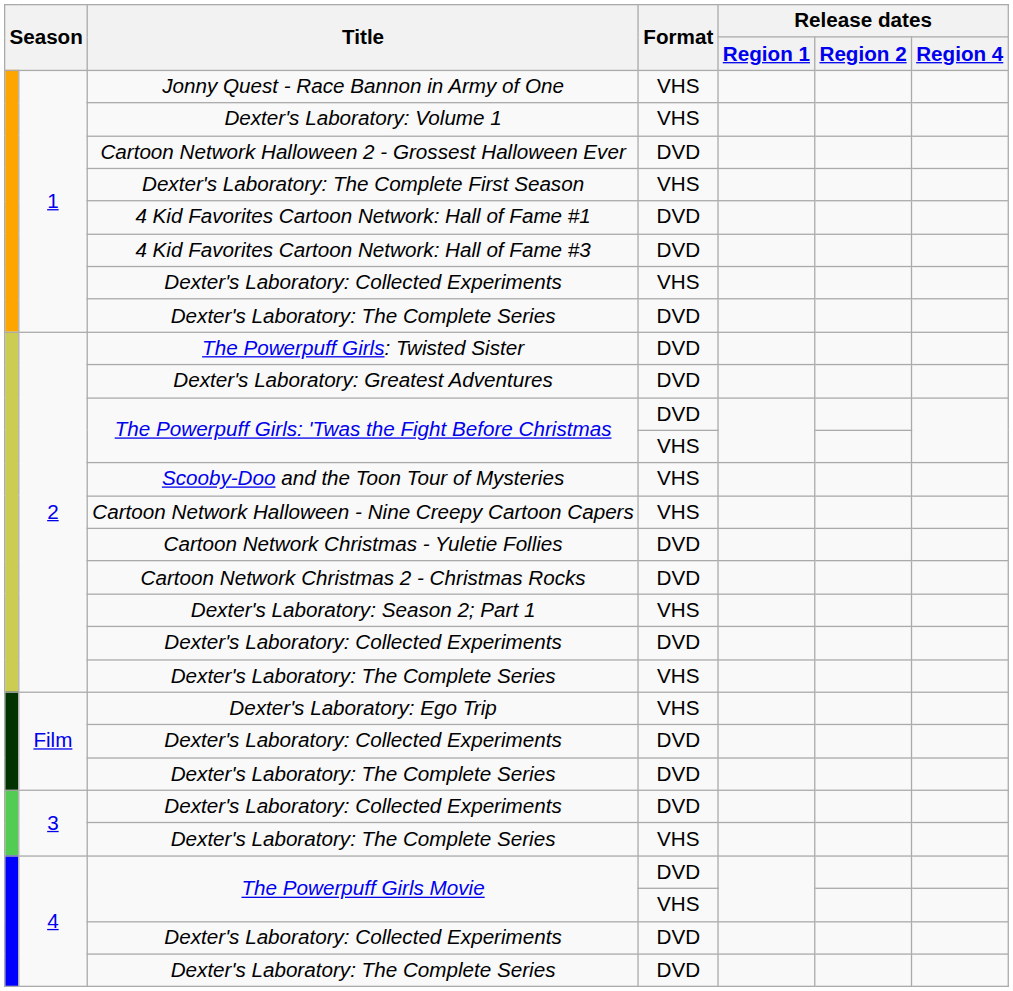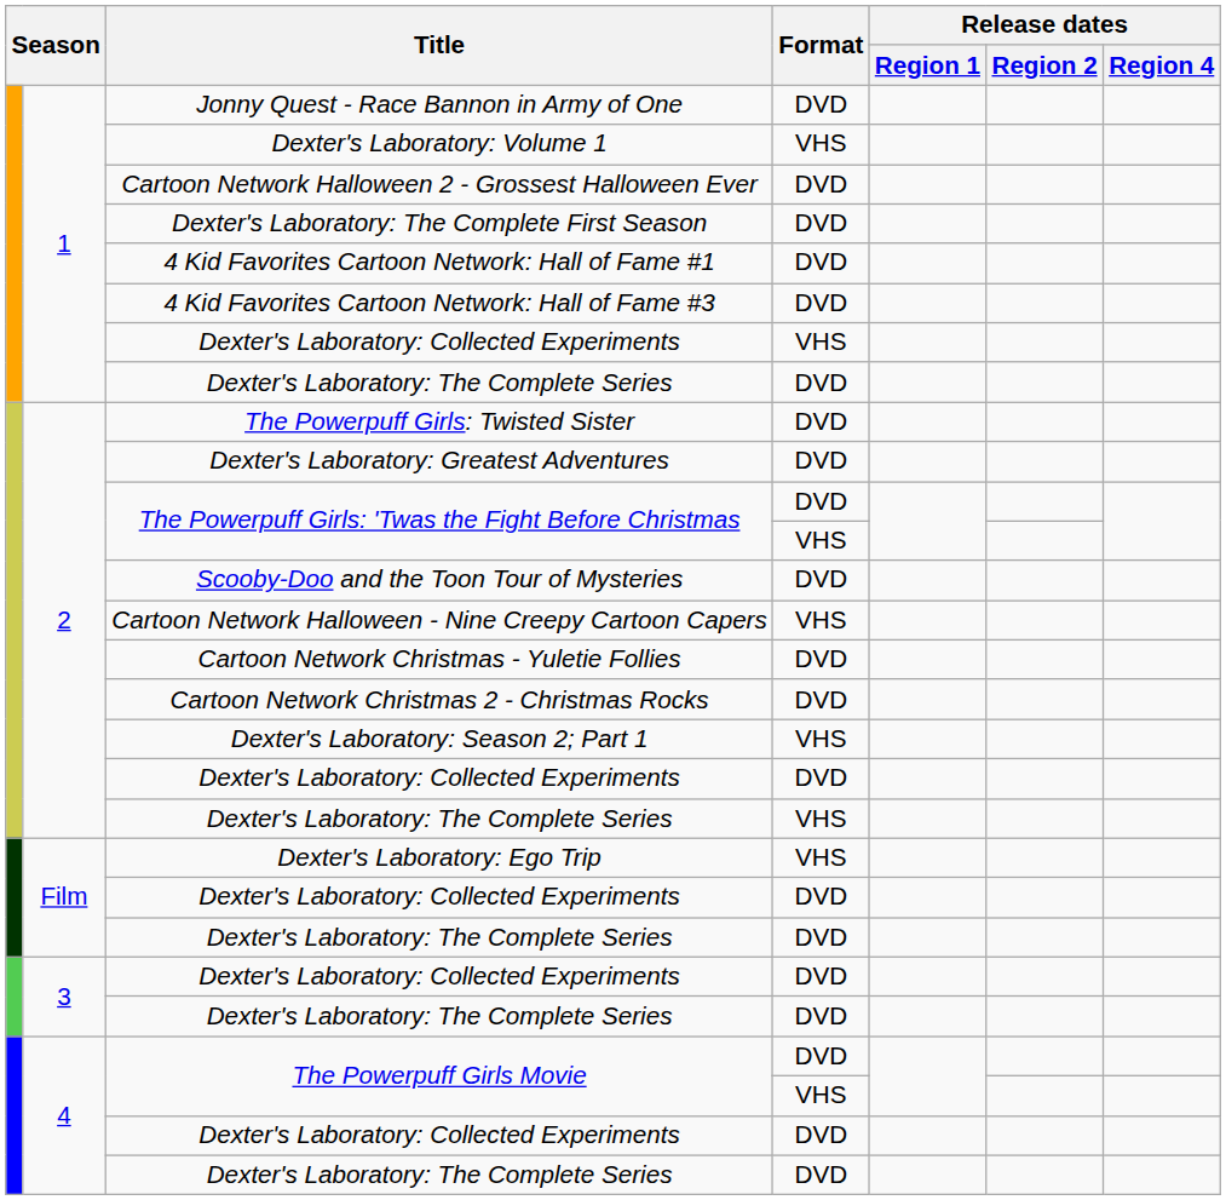 <table class="wikitable sortable" style="text-align: center">
 <tr>
 <th colspan=2 rowspan=2>Season</th>
 <th rowspan=2>Title</th>
 <th rowspan=2>Format</th>
 <th colspan=3>Release dates</th>
 </tr>
 <tr>
 <th><a href='#'>Region 1</a></th>
 <th><a href='#'>Region 2</a></th>
 <th><a href='#'>Region 4</a></th>
 </tr>
 <tr>
 <th rowspan="8" style="background:orange;"></th>
 <td rowspan="8"><a href='#'>1</a></td>
 <td><em>Jonny Quest - Race Bannon in Army of One</em></td>
-<td>VHS</td>
+<td>DVD</td>
 <td></td>
 <td></td>
 <td></td>
 </tr>
 <tr>
 <td><em>Dexter's Laboratory: Volume 1</em></td>
 <td>VHS</td>
 <td></td>
 <td></td>
 <td></td>
 </tr>
 <tr>
 <td><em>Cartoon Network Halloween 2 - Grossest Halloween Ever</em></td>
 <td>DVD</td>
 <td></td>
 <td></td>
 <td></td>
 </tr>
 <tr>
 <td><em>Dexter's Laboratory: The Complete First Season</em></td>
-<td>VHS</td>
+<td>DVD</td>
 <td></td>
 <td></td>
 <td></td>
 </tr>
 <tr>
 <td><em>4 Kid Favorites Cartoon Network: Hall of Fame #1</em></td>
 <td>DVD</td>
 <td></td>
 <td></td>
 <td></td>
 </tr>
 <tr>
 <td><em>4 Kid Favorites Cartoon Network: Hall of Fame #3</em></td>
 <td>DVD</td>
 <td></td>
 <td></td>
 <td></td>
 </tr>
 <tr>
 <td><em>Dexter's Laboratory: Collected Experiments</em></td>
 <td>VHS</td>
 <td></td>
 <td></td>
 <td></td>
 </tr>
 <tr>
 <td><em>Dexter's Laboratory: The Complete Series</em></td>
 <td>DVD</td>
 <td></td>
 <td></td>
 <td></td>
 </tr>
 <tr>
 <th rowspan=11 style="background:#CCCC52"></th>
 <td rowspan=11><a href='#'>2</a></td>
 <td><em><a href='#'>The Powerpuff Girls</a>: Twisted Sister</em></td>
 <td>DVD</td>
 <td></td>
 <td></td>
 <td></td>
 </tr>
 <tr>
 <td><em>Dexter's Laboratory: Greatest Adventures</em></td>
 <td>DVD</td>
 <td></td>
 <td></td>
 <td></td>
 </tr>
 <tr>
 <td rowspan=2><em><a href='#'>The Powerpuff Girls: 'Twas the Fight Before Christmas</a></em></td>
 <td>DVD</td>
 <td rowspan=2></td>
 <td></td>
 <td rowspan=2></td>
 </tr>
 <tr>
 <td>VHS</td>
 <td></td>
 </tr>
 <tr>
 <td><em><a href='#'>Scooby-Doo</a> and the Toon Tour of Mysteries</em></td>
-<td>VHS</td>
+<td>DVD</td>
 <td></td>
 <td></td>
 <td></td>
 </tr>
 <tr>
 <td><em>Cartoon Network Halloween - Nine Creepy Cartoon Capers</em></td>
 <td>VHS</td>
 <td></td>
 <td></td>
 <td></td>
 </tr>
 <tr>
 <td><em>Cartoon Network Christmas - Yuletie Follies</em></td>
 <td>DVD</td>
 <td></td>
 <td></td>
 <td></td>
 </tr>
 <tr>
 <td><em>Cartoon Network Christmas 2 - Christmas Rocks</em></td>
 <td>DVD</td>
 <td></td>
 <td></td>
 <td></td>
 </tr>
 <tr>
 <td><em>Dexter's Laboratory: Season 2; Part 1</em></td>
 <td>VHS</td>
 <td></td>
 <td></td>
 <td></td>
 </tr>
 <tr>
 <td><em>Dexter's Laboratory: Collected Experiments</em></td>
 <td>DVD</td>
 <td></td>
 <td></td>
 <td></td>
 </tr>
 <tr>
 <td><em>Dexter's Laboratory: The Complete Series</em></td>
 <td>VHS</td>
 <td></td>
 <td></td>
 <td></td>
 </tr>
 <tr>
 <th rowspan=3 style="background:#030"></th>
 <td rowspan=3><a href='#'>Film</a></td>
 <td><em>Dexter's Laboratory: Ego Trip</em></td>
 <td>VHS</td>
 <td></td>
 <td></td>
 <td></td>
 </tr>
 <tr>
 <td><em>Dexter's Laboratory: Collected Experiments</em></td>
 <td>DVD</td>
 <td></td>
 <td></td>
 <td></td>
 </tr>
 <tr>
 <td><em>Dexter's Laboratory: The Complete Series</em></td>
 <td>DVD</td>
 <td></td>
 <td></td>
 <td></td>
 </tr>
 <tr>
 <th rowspan=2 style="background:#52CC52"></th>
 <td rowspan=2><a href='#'>3</a></td>
 <td><em>Dexter's Laboratory: Collected Experiments</em></td>
 <td>DVD</td>
 <td></td>
 <td></td>
 <td></td>
 </tr>
 <tr>
 <td><em>Dexter's Laboratory: The Complete Series</em></td>
-<td>VHS</td>
+<td>DVD</td>
 <td></td>
 <td></td>
 <td></td>
 </tr>
 <tr>
 <th rowspan=4 style="background:#00f"></th>
 <td rowspan=4><a href='#'>4</a></td>
 <td rowspan=2><em><a href='#'>The Powerpuff Girls Movie</a></em></td>
 <td>DVD</td>
 <td rowspan=2></td>
 <td></td>
 <td></td>
 </tr>
 <tr>
 <td>VHS</td>
 <td></td>
 <td></td>
 </tr>
 <tr>
 <td><em>Dexter's Laboratory: Collected Experiments</em></td>
 <td>DVD</td>
 <td></td>
 <td></td>
 <td></td>
 </tr>
 <tr>
 <td><em>Dexter's Laboratory: The Complete Series</em></td>
 <td>DVD</td>
 <td></td>
 <td></td>
 <td></td>
 </tr>
 </table>
